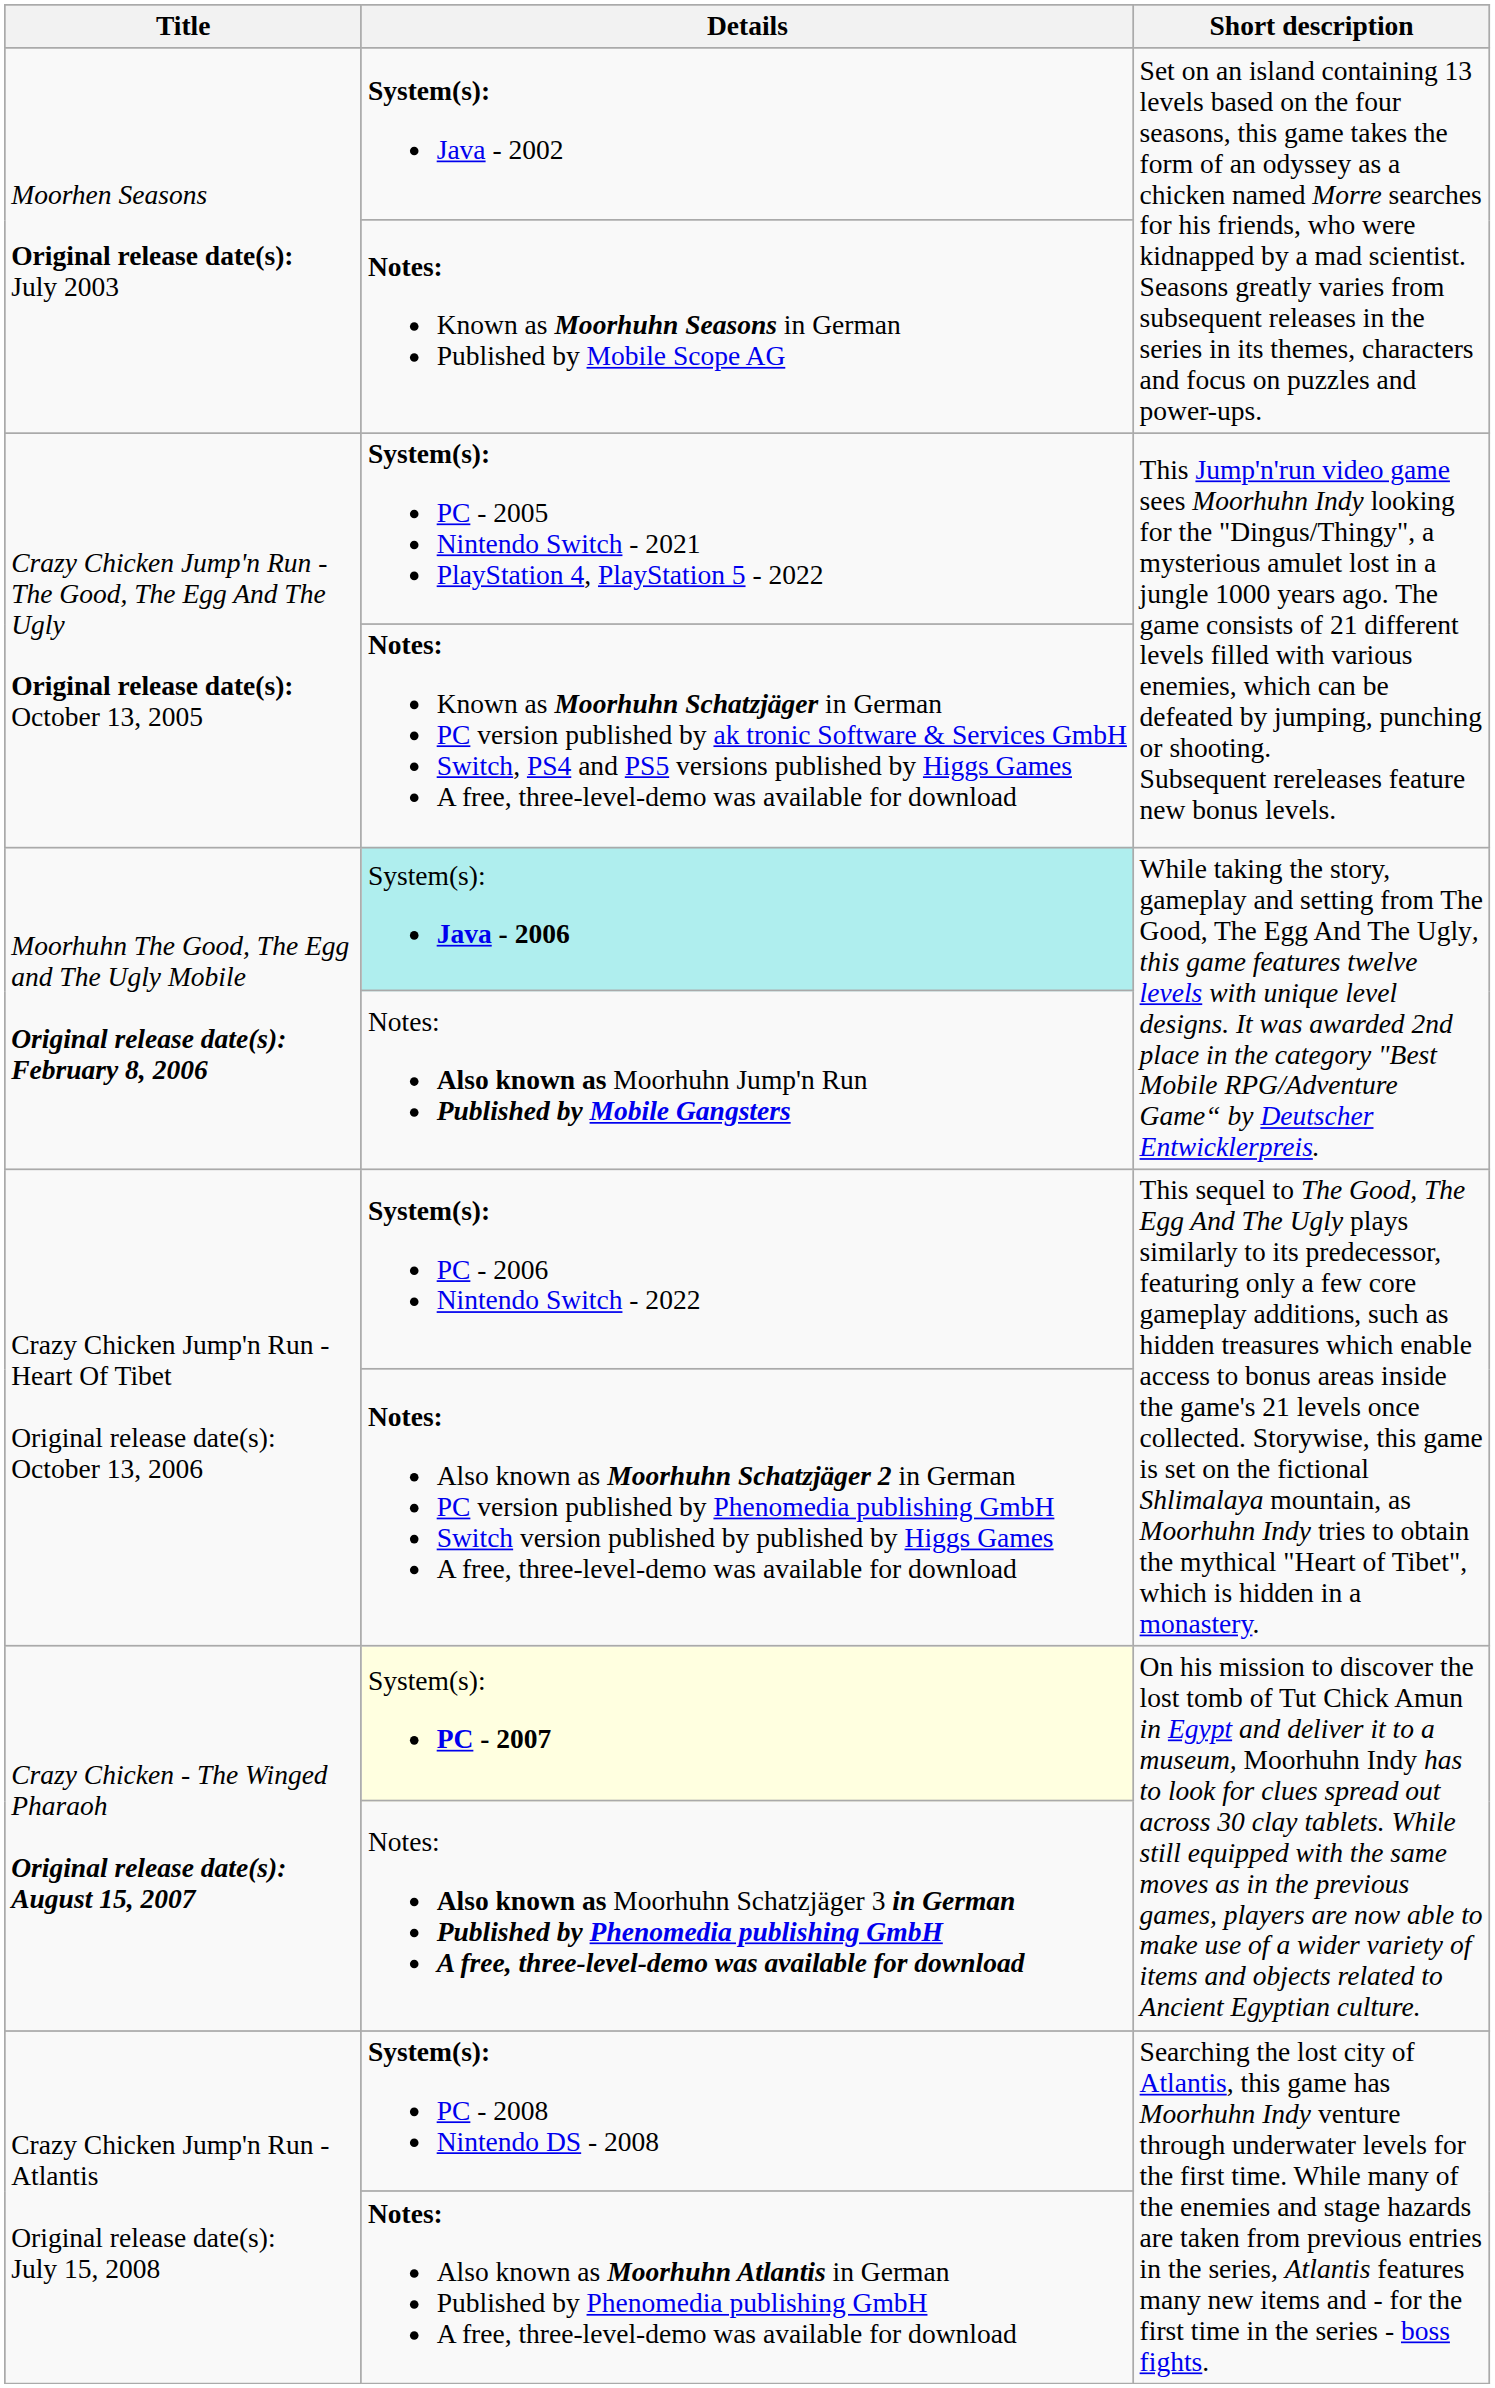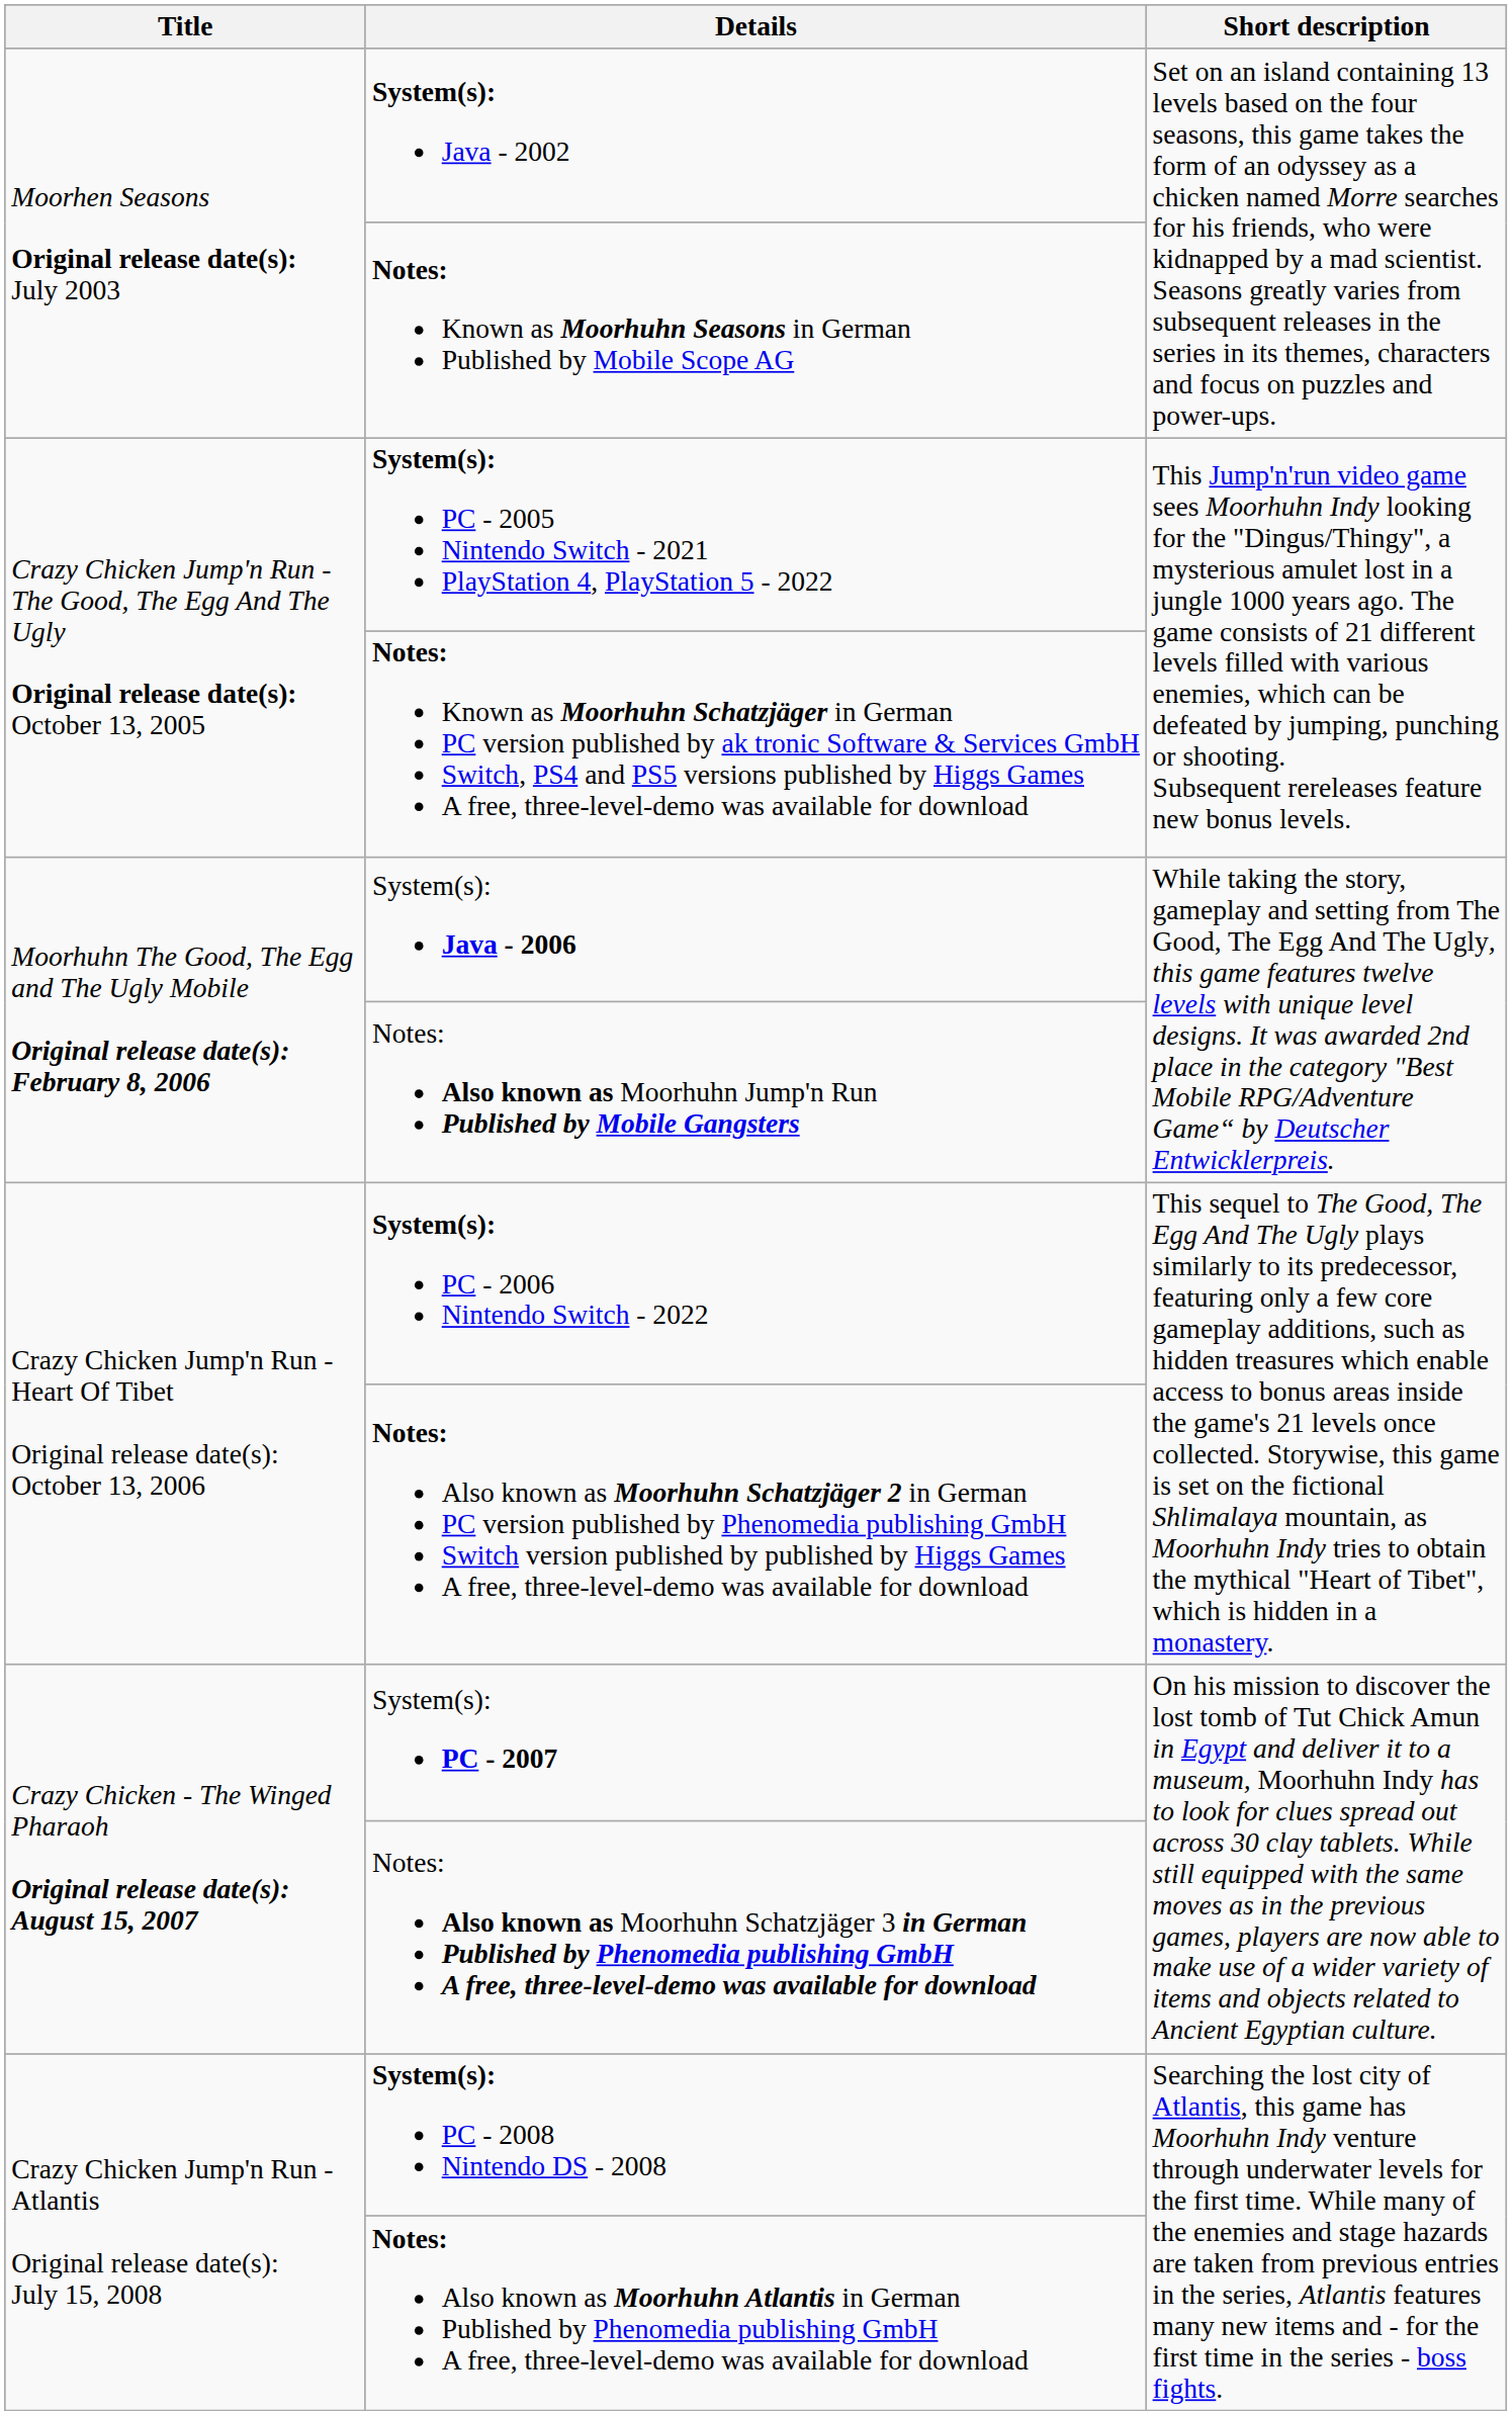 <table class="wikitable">
 <tr>
 <th style="width: 200px;">Title</th>
 <th>Details</th>
 <th style="width: 200px;">Short description</th>
 </tr>
 <tr>
 <td rowspan="2"><div><em>Moorhen Seasons</em> <strong><br><br>Original release date(s):<br></strong>July 2003<br></div></td>
 <td><strong>System(s):</strong><br><ul><li><a href='#'>Java</a> - 2002</li></ul></td>
 <td rowspan="2">Set on an island containing 13 levels based on the four seasons, this game takes the form of an odyssey as a chicken named <em>Morre</em> searches for his friends, who were kidnapped by a mad scientist. Seasons greatly varies from subsequent releases in the series in its themes, characters and focus on puzzles and power-ups.</td>
 </tr>
 <tr>
 <td><strong>Notes:</strong><br><ul><li>Known as <strong><em>Moorhuhn Seasons</em></strong> in German</li><li>Published by <a href='#'>Mobile Scope AG</a></li></ul></td>
 </tr>
 <tr>
 <td rowspan="2"><div><em>Crazy Chicken Jump'n Run - The Good, The Egg And The Ugly</em> <strong><br><br>Original release date(s):<br></strong>October 13, 2005<br></div></td>
 <td><strong>System(s):</strong><br><ul><li><a href='#'>PC</a> - 2005</li><li><a href='#'>Nintendo Switch</a> - 2021</li><li><a href='#'>PlayStation 4</a>, <a href='#'>PlayStation 5</a> - 2022</li></ul></td>
 <td rowspan="2">This <a href='#'>Jump'n'run video game</a> sees <em>Moorhuhn Indy</em> looking for the "Dingus/Thingy", a mysterious amulet lost in a jungle 1000 years ago. The game consists of 21 different levels filled with various enemies, which can be defeated by jumping, punching or shooting.<br>Subsequent rereleases feature new bonus levels.</td>
 </tr>
 <tr>
 <td><strong>Notes:</strong><br><ul><li>Known as <strong><em>Moorhuhn Schatzjäger</em></strong> in German</li><li><a href='#'>PC</a> version published by <a href='#'>ak tronic Software & Services GmbH</a></li><li><a href='#'>Switch</a>, <a href='#'>PS4</a> and <a href='#'>PS5</a> versions published by <a href='#'>Higgs Games</a></li><li>A free, three-level-demo was available for download</li></ul></td>
 </tr>
 <tr>
 <td rowspan="2"><div><em>Moorhuhn The Good, The Egg and The Ugly Mobile<br><br><strong><em>Original release date(s):<br><strong>February 8, 2006</div></td>
-<td style="background: paleturquoise;"></strong>System(s):<strong><br><ul><li><a href='#'>Java</a> - 2006</li></ul></td>
+<td></strong>System(s):<strong><br><ul><li><a href='#'>Java</a> - 2006</li></ul></td>
 <td rowspan="2">While taking the story, gameplay and setting from </em>The Good, The Egg And The Ugly<em>, this game features twelve <a href='#'>levels</a> with unique level designs. It was awarded 2nd place in the category "Best Mobile RPG/Adventure Game“ by <a href='#'>Deutscher Entwicklerpreis</a>.</td>
 </tr>
 <tr>
 <td></strong>Notes:<strong><br><ul><li>Also known as </em></strong>Moorhuhn Jump'n Run<strong><em></li><li>Published by <a href='#'>Mobile Gangsters</a></li></ul></td>
 </tr>
 <tr>
 <td rowspan="2"><div></em>Crazy Chicken Jump'n Run - Heart Of Tibet<em></em><br><br></em></strong>Original release date(s):<br></strong>October 13, 2006</div></td>
 <td><strong>System(s):</strong><br><ul><li><a href='#'>PC</a> - 2006</li><li><a href='#'>Nintendo Switch</a> - 2022</li></ul></td>
 <td rowspan="2">This sequel to <em>The Good, The Egg And The Ugly</em> plays similarly to its predecessor, featuring only a few core gameplay additions, such as hidden treasures which enable access to bonus areas inside the game's 21 levels once collected. Storywise, this game is set on the fictional <em>Shlimalaya</em> mountain, as <em>Moorhuhn Indy</em> tries to obtain the mythical "Heart of Tibet", which is hidden in a <a href='#'>monastery</a>.</td>
 </tr>
 <tr>
 <td><strong>Notes:</strong><br><ul><li>Also known as <strong><em>Moorhuhn Schatzjäger 2</em></strong> in German</li><li><a href='#'>PC</a> version published by <a href='#'>Phenomedia publishing GmbH</a></li><li><a href='#'>Switch</a> version published by published by <a href='#'>Higgs Games</a></li><li>A free, three-level-demo was available for download</li></ul></td>
 </tr>
 <tr>
 <td rowspan="2"><div><em>Crazy Chicken - The Winged Pharaoh</em><em><br><br><strong><em>Original release date(s):<br><strong>August 15, 2007</div></td>
-<td style="background: lightyellow;"></strong>System(s):<strong><br><ul><li><a href='#'>PC</a> - 2007</li></ul></td>
+<td></strong>System(s):<strong><br><ul><li><a href='#'>PC</a> - 2007</li></ul></td>
 <td rowspan="2">On his mission to discover the lost tomb of </em>Tut Chick Amun<em> in <a href='#'>Egypt</a> and deliver it to a museum, </em>Moorhuhn Indy<em> has to look for clues spread out across 30 clay tablets. While still equipped with the same moves as in the previous games, players are now able to make use of a wider variety of items and objects related to Ancient Egyptian culture.</td>
 </tr>
 <tr>
 <td></strong>Notes:<strong><br><ul><li>Also known as </em></strong>Moorhuhn Schatzjäger 3<strong><em> in German</li><li>Published by <a href='#'>Phenomedia publishing GmbH</a></li><li>A free, three-level-demo was available for download</li></ul></td>
 </tr>
 <tr>
 <td rowspan="2"><div></em>Crazy Chicken Jump'n Run - Atlantis<em></em><br><br></em></strong>Original release date(s):<br></strong>July 15, 2008</div></td>
 <td><strong>System(s):</strong><br><ul><li><a href='#'>PC</a> - 2008</li><li><a href='#'>Nintendo DS</a> - 2008</li></ul></td>
 <td rowspan="2">Searching the lost city of <a href='#'>Atlantis</a>, this game has <em>Moorhuhn Indy</em> venture through underwater levels for the first time. While many of the enemies and stage hazards are taken from previous entries in the series, <em>Atlantis</em> features many new items and - for the first time in the series - <a href='#'>boss fights</a>.</td>
 </tr>
 <tr>
 <td><strong>Notes:</strong><br><ul><li>Also known as <strong><em>Moorhuhn Atlantis</em></strong> in German</li><li>Published by <a href='#'>Phenomedia publishing GmbH</a></li><li>A free, three-level-demo was available for download</li></ul></td>
 </tr>
 </table>
